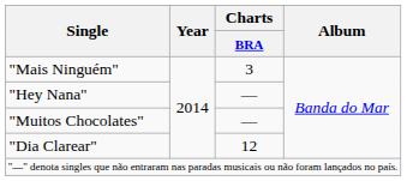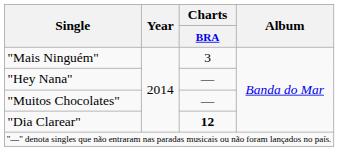 <table class="wikitable">
 <tr>
 <th rowspan="2">Single</th>
 <th rowspan="2">Year</th>
 <th colspan="1">Charts</th>
 <th rowspan="2">Album</th>
 </tr>
 <tr>
 <th align="center" width="60"><small><a href='#'>BRA</a></small></th>
 </tr>
 <tr>
 <td>"Mais Ninguém"</td>
 <td rowspan=4 align="center">2014</td>
 <td align="center">3</td>
 <td align="center" rowspan="4"><em><a href='#'>Banda do Mar</a></em></td>
 </tr>
 <tr>
 <td>"Hey Nana"</td>
 <td align="center">—</td>
 </tr>
 <tr>
 <td>"Muitos Chocolates"</td>
 <td align="center">—</td>
 </tr>
 <tr>
 <td>"Dia Clarear"</td>
-<td align="center">12</td>
+<td align="center"><strong>12</strong></td>
 </tr>
 <tr>
 <td colspan="8" style="text-align:center; font-size:8pt;">"—" denota singles que não entraram nas paradas musicais ou não foram lançados no país.</td>
 </tr>
 </table>
